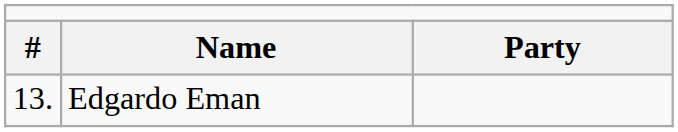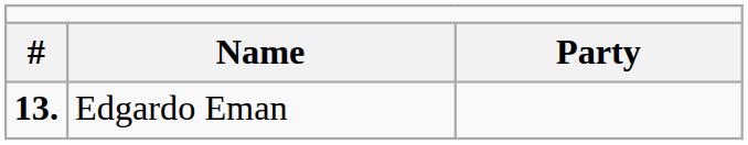 <table class=wikitable style="font-size:90%">
 <tr>
 <td colspan=4 bgcolor=></td>
 </tr>
 <tr>
 <th>#</th>
 <th width=150px>Name</th>
 <th colspan=2 width=110px>Party</th>
 </tr>
 <tr>
-<td>13.</td>
+<td><strong>13.</strong></td>
 <td>Edgardo Eman</td>
 <td></td>
 </tr>
 </table>
